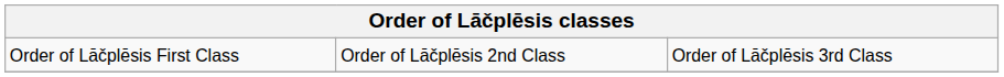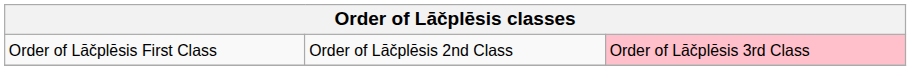 <table style="margin: 1em auto;" class=wikitable width=60%>
 <tr>
 <th colspan=5>Order of Lāčplēsis classes</th>
 </tr>
 <tr>
 <td width=20% style="vertical-align:top:text-align:center;"><small>Order of Lāčplēsis First Class</small></td>
 <td width=20% style="vertical-align:top:text-align:center;"><small>Order of Lāčplēsis 2nd Class</small></td>
-<td width=20% style="vertical-align:top:text-align:center;"><small>Order of Lāčplēsis 3rd Class</small></td>
+<td width=20% style="background: pink; vertical-align:top:text-align:center;"><small>Order of Lāčplēsis 3rd Class</small></td>
 </tr>
 <tr>
 </tr>
 </table>
